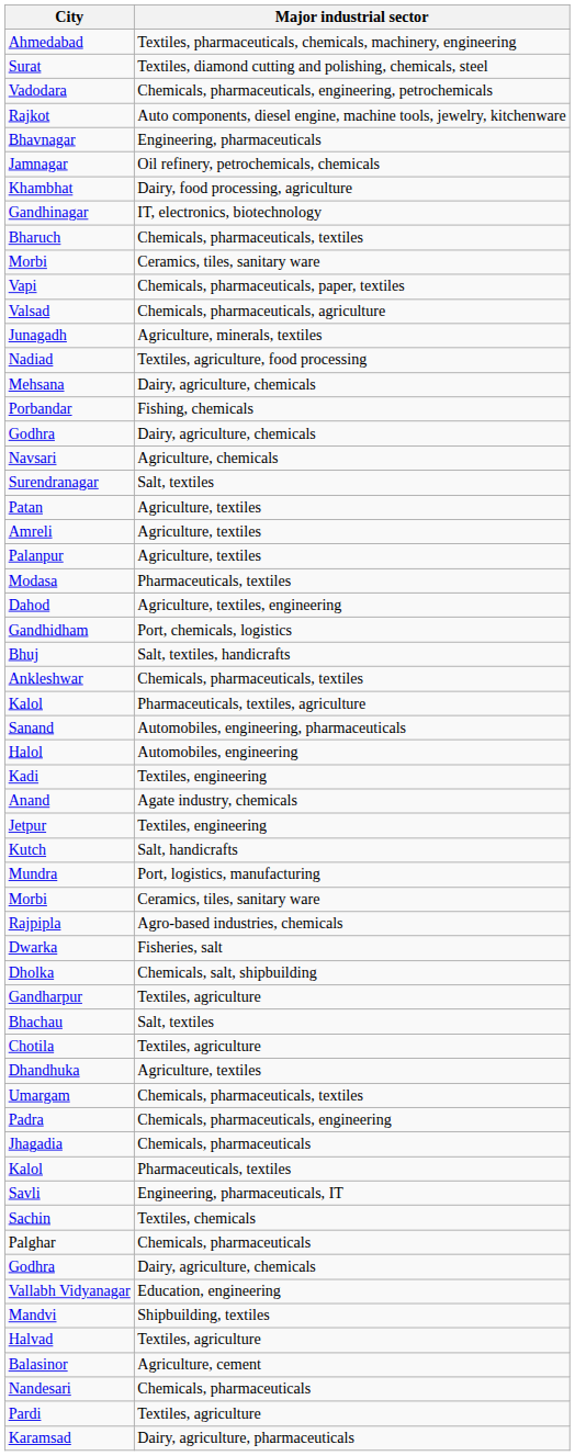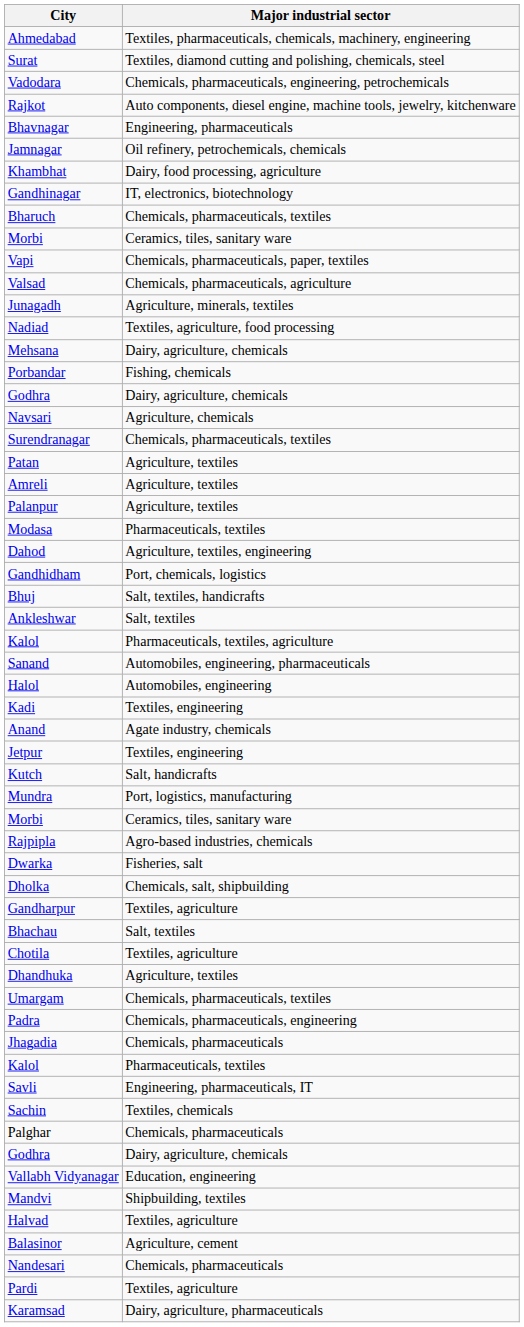 <table class="wikitable">
 <tr>
 <th>City</th>
 <th>Major industrial sector</th>
 </tr>
 <tr>
 <td><a href='#'>Ahmedabad</a></td>
 <td>Textiles, pharmaceuticals, chemicals, machinery, engineering</td>
 </tr>
 <tr>
 <td><a href='#'>Surat</a></td>
 <td>Textiles, diamond cutting and polishing, chemicals, steel</td>
 </tr>
 <tr>
 <td><a href='#'>Vadodara</a></td>
 <td>Chemicals, pharmaceuticals, engineering, petrochemicals</td>
 </tr>
 <tr>
 <td><a href='#'>Rajkot</a></td>
 <td>Auto components, diesel engine, machine tools, jewelry, kitchenware</td>
 </tr>
 <tr>
 <td><a href='#'>Bhavnagar</a></td>
 <td>Engineering, pharmaceuticals</td>
 </tr>
 <tr>
 <td><a href='#'>Jamnagar</a></td>
 <td>Oil refinery, petrochemicals, chemicals</td>
 </tr>
 <tr>
 <td><a href='#'>Khambhat</a></td>
 <td>Dairy, food processing, agriculture</td>
 </tr>
 <tr>
 <td><a href='#'>Gandhinagar</a></td>
 <td>IT, electronics, biotechnology</td>
 </tr>
 <tr>
 <td><a href='#'>Bharuch</a></td>
 <td>Chemicals, pharmaceuticals, textiles</td>
 </tr>
 <tr>
 <td><a href='#'>Morbi</a></td>
 <td>Ceramics, tiles, sanitary ware</td>
 </tr>
 <tr>
 <td><a href='#'>Vapi</a></td>
 <td>Chemicals, pharmaceuticals, paper, textiles</td>
 </tr>
 <tr>
 <td><a href='#'>Valsad</a></td>
 <td>Chemicals, pharmaceuticals, agriculture</td>
 </tr>
 <tr>
 <td><a href='#'>Junagadh</a></td>
 <td>Agriculture, minerals, textiles</td>
 </tr>
 <tr>
 <td><a href='#'>Nadiad</a></td>
 <td>Textiles, agriculture, food processing</td>
 </tr>
 <tr>
 <td><a href='#'>Mehsana</a></td>
 <td>Dairy, agriculture, chemicals</td>
 </tr>
 <tr>
 <td><a href='#'>Porbandar</a></td>
 <td>Fishing, chemicals</td>
 </tr>
 <tr>
 <td><a href='#'>Godhra</a></td>
 <td>Dairy, agriculture, chemicals</td>
 </tr>
 <tr>
 <td><a href='#'>Navsari</a></td>
 <td>Agriculture, chemicals</td>
 </tr>
 <tr>
 <td><a href='#'>Surendranagar</a></td>
-<td>Salt, textiles</td>
+<td>Chemicals, pharmaceuticals, textiles</td>
 </tr>
 <tr>
 <td><a href='#'>Patan</a></td>
 <td>Agriculture, textiles</td>
 </tr>
 <tr>
 <td><a href='#'>Amreli</a></td>
 <td>Agriculture, textiles</td>
 </tr>
 <tr>
 <td><a href='#'>Palanpur</a></td>
 <td>Agriculture, textiles</td>
 </tr>
 <tr>
 <td><a href='#'>Modasa</a></td>
 <td>Pharmaceuticals, textiles</td>
 </tr>
 <tr>
 <td><a href='#'>Dahod</a></td>
 <td>Agriculture, textiles, engineering</td>
 </tr>
 <tr>
 <td><a href='#'>Gandhidham</a></td>
 <td>Port, chemicals, logistics</td>
 </tr>
 <tr>
 <td><a href='#'>Bhuj</a></td>
 <td>Salt, textiles, handicrafts</td>
 </tr>
 <tr>
 <td><a href='#'>Ankleshwar</a></td>
-<td>Chemicals, pharmaceuticals, textiles</td>
+<td>Salt, textiles</td>
 </tr>
 <tr>
 <td><a href='#'>Kalol</a></td>
 <td>Pharmaceuticals, textiles, agriculture</td>
 </tr>
 <tr>
 <td><a href='#'>Sanand</a></td>
 <td>Automobiles, engineering, pharmaceuticals</td>
 </tr>
 <tr>
 <td><a href='#'>Halol</a></td>
 <td>Automobiles, engineering</td>
 </tr>
 <tr>
 <td><a href='#'>Kadi</a></td>
 <td>Textiles, engineering</td>
 </tr>
 <tr>
 <td><a href='#'>Anand</a></td>
 <td>Agate industry, chemicals</td>
 </tr>
 <tr>
 <td><a href='#'>Jetpur</a></td>
 <td>Textiles, engineering</td>
 </tr>
 <tr>
 <td><a href='#'>Kutch</a></td>
 <td>Salt, handicrafts</td>
 </tr>
 <tr>
 <td><a href='#'>Mundra</a></td>
 <td>Port, logistics, manufacturing</td>
 </tr>
 <tr>
 <td><a href='#'>Morbi</a></td>
 <td>Ceramics, tiles, sanitary ware</td>
 </tr>
 <tr>
 <td><a href='#'>Rajpipla</a></td>
 <td>Agro-based industries, chemicals</td>
 </tr>
 <tr>
 <td><a href='#'>Dwarka</a></td>
 <td>Fisheries, salt</td>
 </tr>
 <tr>
 <td><a href='#'>Dholka</a></td>
 <td>Chemicals, salt, shipbuilding</td>
 </tr>
 <tr>
 <td><a href='#'>Gandharpur</a></td>
 <td>Textiles, agriculture</td>
 </tr>
 <tr>
 <td><a href='#'>Bhachau</a></td>
 <td>Salt, textiles</td>
 </tr>
 <tr>
 <td><a href='#'>Chotila</a></td>
 <td>Textiles, agriculture</td>
 </tr>
 <tr>
 <td><a href='#'>Dhandhuka</a></td>
 <td>Agriculture, textiles</td>
 </tr>
 <tr>
 <td><a href='#'>Umargam</a></td>
 <td>Chemicals, pharmaceuticals, textiles</td>
 </tr>
 <tr>
 <td><a href='#'>Padra</a></td>
 <td>Chemicals, pharmaceuticals, engineering</td>
 </tr>
 <tr>
 <td><a href='#'>Jhagadia</a></td>
 <td>Chemicals, pharmaceuticals</td>
 </tr>
 <tr>
 <td><a href='#'>Kalol</a></td>
 <td>Pharmaceuticals, textiles</td>
 </tr>
 <tr>
 <td><a href='#'>Savli</a></td>
 <td>Engineering, pharmaceuticals, IT</td>
 </tr>
 <tr>
 <td><a href='#'>Sachin</a></td>
 <td>Textiles, chemicals</td>
 </tr>
 <tr>
 <td>Palghar</td>
 <td>Chemicals, pharmaceuticals</td>
 </tr>
 <tr>
 <td><a href='#'>Godhra</a></td>
 <td>Dairy, agriculture, chemicals</td>
 </tr>
 <tr>
 <td><a href='#'>Vallabh Vidyanagar</a></td>
 <td>Education, engineering</td>
 </tr>
 <tr>
 <td><a href='#'>Mandvi</a></td>
 <td>Shipbuilding, textiles</td>
 </tr>
 <tr>
 <td><a href='#'>Halvad</a></td>
 <td>Textiles, agriculture</td>
 </tr>
 <tr>
 <td><a href='#'>Balasinor</a></td>
 <td>Agriculture, cement</td>
 </tr>
 <tr>
 <td><a href='#'>Nandesari</a></td>
 <td>Chemicals, pharmaceuticals</td>
 </tr>
 <tr>
 <td><a href='#'>Pardi</a></td>
 <td>Textiles, agriculture</td>
 </tr>
 <tr>
 <td><a href='#'>Karamsad</a></td>
 <td>Dairy, agriculture, pharmaceuticals</td>
 </tr>
 </table>
